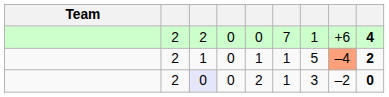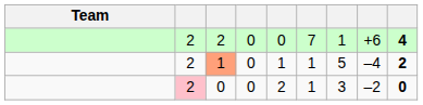 <table class="wikitable" style="text-align: center;">
 <tr>
 <th width=175>Team</th>
 <th width=25></th>
 <th width=25></th>
 <th width=25></th>
 <th width=25></th>
 <th width=25></th>
 <th width=25></th>
 <th width=25></th>
 <th width=25></th>
 </tr>
 <tr bgcolor=ccffcc>
 <td style="text-align:left;"><strong></strong></td>
 <td>2</td>
 <td>2</td>
 <td>0</td>
 <td>0</td>
 <td>7</td>
 <td>1</td>
 <td>+6</td>
 <td><strong>4</strong></td>
 </tr>
 <tr>
 <td style="text-align:left;"></td>
 <td>2</td>
-<td>1</td>
+<td style="background: lightsalmon;">1</td>
 <td>0</td>
 <td>1</td>
 <td>1</td>
 <td>5</td>
-<td style="background: lightsalmon;">–4</td>
+<td>–4</td>
 <td><strong>2</strong></td>
 </tr>
 <tr>
 <td style="text-align:left;"></td>
-<td>2</td>
-<td style="background: lavender;">0</td>
+<td style="background: pink;">2</td>
+<td>0</td>
 <td>0</td>
 <td>2</td>
 <td>1</td>
 <td>3</td>
 <td>–2</td>
 <td><strong>0</strong></td>
 </tr>
 </table>
